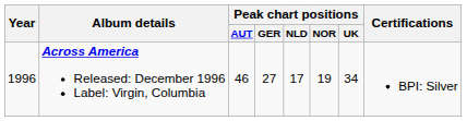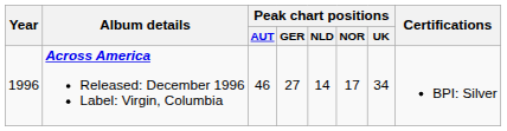 <table class="wikitable" style="text-align:center;">
 <tr>
 <th rowspan="2">Year</th>
 <th rowspan="2">Album details</th>
 <th colspan="5">Peak chart positions</th>
 <th rowspan="2">Certifications</th>
 </tr>
 <tr style="font-size:smaller;">
 <th style="width:25px;"><a href='#'>AUT</a><br></th>
 <th style="width:25px;">GER<br></th>
 <th style="width:25px;">NLD<br></th>
 <th style="width:25px;">NOR<br></th>
 <th style="width:25px;">UK<br></th>
 </tr>
 <tr>
 <td>1996</td>
 <td align="left"><strong><em><a href='#'>Across America</a></em></strong><br><ul><li>Released: December 1996</li><li>Label: Virgin, Columbia</li></ul></td>
 <td>46</td>
 <td>27</td>
+<td>14</td>
 <td>17</td>
-<td>19</td>
 <td>34</td>
 <td align="left"><br><ul><li>BPI: Silver</li></ul></td>
 </tr>
 </table>
